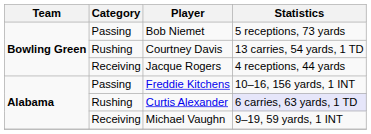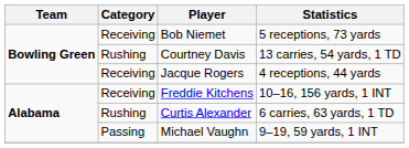 <table class="wikitable" style="float: right;">
 <tr>
 <th>Team</th>
 <th>Category</th>
 <th>Player</th>
 <th>Statistics</th>
 </tr>
 <tr>
 <td rowspan=3><strong>Bowling Green</strong></td>
-<td>Passing</td>
+<td>Receiving</td>
 <td>Bob Niemet</td>
 <td>5 receptions, 73 yards</td>
 </tr>
 <tr>
 <td>Rushing</td>
 <td>Courtney Davis</td>
 <td>13 carries, 54 yards, 1 TD</td>
 </tr>
 <tr>
 <td>Receiving</td>
 <td>Jacque Rogers</td>
 <td>4 receptions, 44 yards</td>
 </tr>
 <tr>
 <td rowspan=3><strong>Alabama</strong></td>
-<td>Passing</td>
+<td>Receiving</td>
 <td><a href='#'>Freddie Kitchens</a></td>
 <td>10–16, 156 yards, 1 INT</td>
 </tr>
 <tr>
 <td>Rushing</td>
 <td><a href='#'>Curtis Alexander</a></td>
-<td style="background: lavender;">6 carries, 63 yards, 1 TD</td>
+<td>6 carries, 63 yards, 1 TD</td>
 </tr>
 <tr>
-<td>Receiving</td>
+<td>Passing</td>
 <td>Michael Vaughn</td>
 <td>9–19, 59 yards, 1 INT</td>
 </tr>
 <tr>
 </tr>
 </table>
